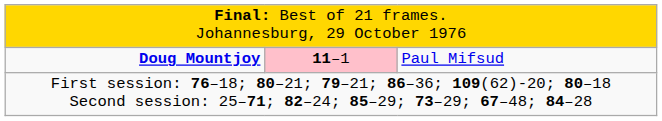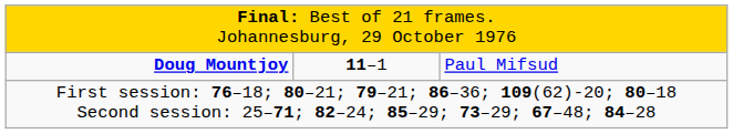 <table class="wikitable" style="font-size: 95%; margin: 1em auto 1em auto;">
 <tr>
 <td colspan="3" align="center" bgcolor="#ffd700"><strong>Final:</strong> Best of 21 frames.<br>Johannesburg, 29 October 1976</td>
 </tr>
 <tr>
 <td width="200" align="right"><strong><a href='#'>Doug Mountjoy</a></strong> <br></td>
-<td width="100" align="center" style="background: pink;"><strong>11</strong>–1</td>
+<td width="100" align="center"><strong>11</strong>–1</td>
 <td width="200"><a href='#'>Paul Mifsud</a> <br></td>
 </tr>
 <tr>
 <td colspan="3" align="center" style="font-size: 100%">First session: <strong>76</strong>–18; <strong>80</strong>–21; <strong>79</strong>–21; <strong>86</strong>–36; <strong>109</strong>(62)-20; <strong>80</strong>–18<br>Second session: 25–<strong>71</strong>; <strong>82</strong>–24; <strong>85</strong>–29; <strong>73</strong>–29; <strong>67</strong>–48; <strong>84</strong>–28</td>
 </tr>
 </table>
